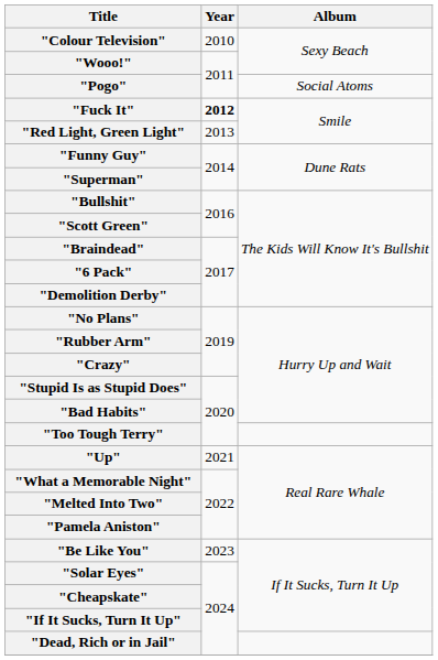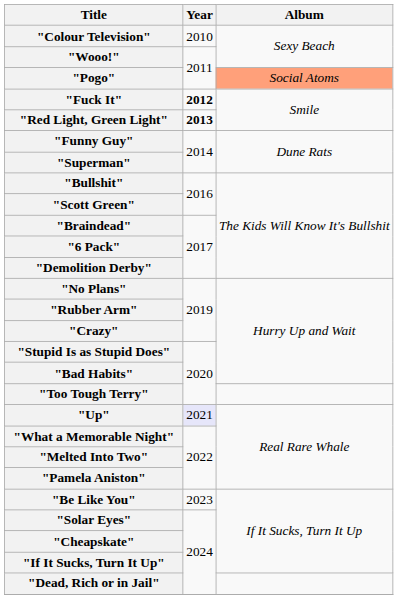 <table class="wikitable plainrowheaders" style="text-align:center;">
 <tr>
 <th scope="col" style="width:13em;">Title</th>
 <th scope="col" style="width:1em;">Year</th>
 <th scope="col">Album</th>
 </tr>
 <tr>
 <th scope="row">"Colour Television"</th>
 <td rowspan="1">2010</td>
 <td rowspan="2"><em>Sexy Beach</em></td>
 </tr>
 <tr>
 <th scope="row">"Wooo!"</th>
 <td rowspan="2">2011</td>
 </tr>
 <tr>
 <th scope="row">"Pogo"</th>
-<td><em>Social Atoms</em></td>
+<td style="background: lightsalmon;"><em>Social Atoms</em></td>
 </tr>
 <tr>
 <th scope="row">"Fuck It"</th>
 <td><strong>2012</strong></td>
 <td rowspan="2"><em>Smile</em></td>
 </tr>
 <tr>
 <th scope="row">"Red Light, Green Light"</th>
-<td>2013</td>
+<td><strong>2013</strong></td>
 </tr>
 <tr>
 <th scope="row">"Funny Guy"</th>
 <td rowspan="2">2014</td>
 <td rowspan="2"><em>Dune Rats</em></td>
 </tr>
 <tr>
 <th scope="row">"Superman"</th>
 </tr>
 <tr>
 <th scope="row">"Bullshit"</th>
 <td rowspan="2">2016</td>
 <td rowspan="5"><em>The Kids Will Know It's Bullshit</em></td>
 </tr>
 <tr>
 <th scope="row">"Scott Green"</th>
 </tr>
 <tr>
 <th scope="row">"Braindead"</th>
 <td rowspan="3">2017</td>
 </tr>
 <tr>
 <th scope="row">"6 Pack"</th>
 </tr>
 <tr>
 <th scope="row">"Demolition Derby"</th>
 </tr>
 <tr>
 <th scope="row">"No Plans"</th>
 <td rowspan="3">2019</td>
 <td rowspan="5"><em>Hurry Up and Wait</em></td>
 </tr>
 <tr>
 <th scope="row">"Rubber Arm"</th>
 </tr>
 <tr>
 <th scope="row">"Crazy"</th>
 </tr>
 <tr>
 <th scope="row">"Stupid Is as Stupid Does"<br></th>
 <td rowspan="3">2020</td>
 </tr>
 <tr>
 <th scope="row">"Bad Habits"</th>
 </tr>
 <tr>
 <th scope="row">"Too Tough Terry"</th>
 <td></td>
 </tr>
 <tr>
 <th scope="row">"Up"</th>
-<td>2021</td>
+<td style="background: lavender;">2021</td>
 <td rowspan="4"><em>Real Rare Whale</em></td>
 </tr>
 <tr>
 <th scope="row">"What a Memorable Night"</th>
 <td rowspan="3">2022</td>
 </tr>
 <tr>
 <th scope="row">"Melted Into Two"</th>
 </tr>
 <tr>
 <th scope="row">"Pamela Aniston"</th>
 </tr>
 <tr>
 <th scope="row">"Be Like You"</th>
 <td>2023</td>
 <td rowspan="4"><em>If It Sucks, Turn It Up</em></td>
 </tr>
 <tr>
 <th scope="row">"Solar Eyes"</th>
 <td rowspan="4">2024</td>
 </tr>
 <tr>
 <th scope="row">"Cheapskate"</th>
 </tr>
 <tr>
 <th scope="row">"If It Sucks, Turn It Up"</th>
 </tr>
 <tr>
 <th scope="row">"Dead, Rich or in Jail"<br></th>
 <td></td>
 </tr>
 <tr>
 </tr>
 </table>
